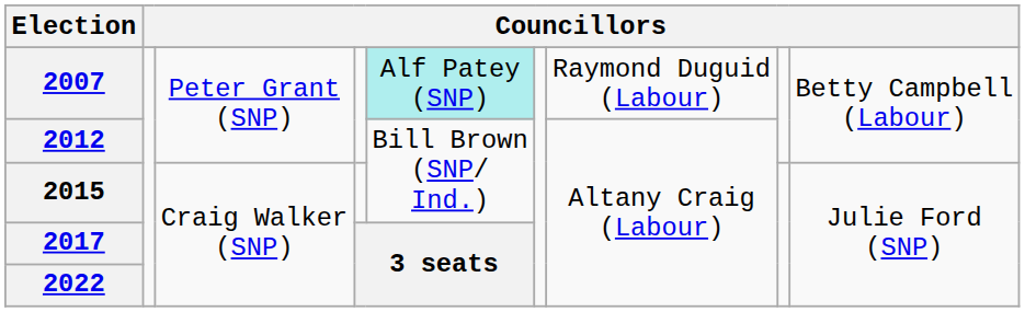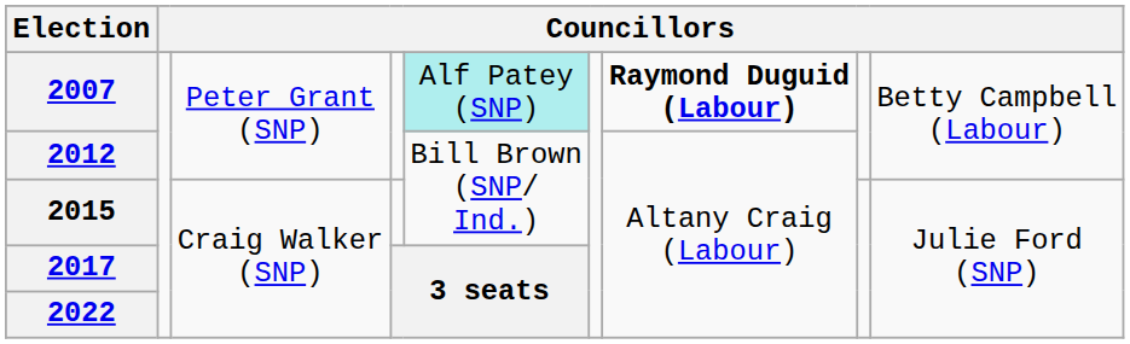 <table class="wikitable" style="text-align:center">
 <tr>
 <th>Election</th>
 <th colspan=8>Councillors</th>
 </tr>
 <tr>
 <th><a href='#'>2007</a></th>
 <td rowspan=5; style="background-color: "></td>
 <td rowspan=2><a href='#'>Peter Grant</a><br>(<a href='#'>SNP</a>)</td>
 <td rowspan=2; style="background-color: "></td>
 <td rowspan=1 style="background: paleturquoise;">Alf Patey<br>(<a href='#'>SNP</a>)</td>
 <td rowspan=5; style="background-color: "></td>
-<td rowspan=1>Raymond Duguid<br>(<a href='#'>Labour</a>)</td>
+<td rowspan=1><strong>Raymond Duguid<br>(<a href='#'>Labour</a>)</strong></td>
 <td rowspan=2; style="background-color: "></td>
 <td rowspan=2>Betty Campbell<br>(<a href='#'>Labour</a>)</td>
 </tr>
 <tr>
 <th><a href='#'>2012</a></th>
 <td rowspan=2>Bill Brown<br>(<a href='#'>SNP</a>/<br><a href='#'>Ind.</a>)</td>
 <td rowspan=4>Altany Craig<br>(<a href='#'>Labour</a>)</td>
 </tr>
 <tr>
 <th>2015</th>
 <td rowspan=3>Craig Walker<br>(<a href='#'>SNP</a>)</td>
 <td rowspan=1; style="background-color: "></td>
 <td rowspan=3; style="background-color: "></td>
 <td rowspan=3>Julie Ford<br>(<a href='#'>SNP</a>)</td>
 </tr>
 <tr>
 <th><a href='#'>2017</a></th>
 <th colspan=2; rowspan=2>3 seats</th>
 </tr>
 <tr>
 <th><a href='#'>2022</a></th>
 </tr>
 </table>
